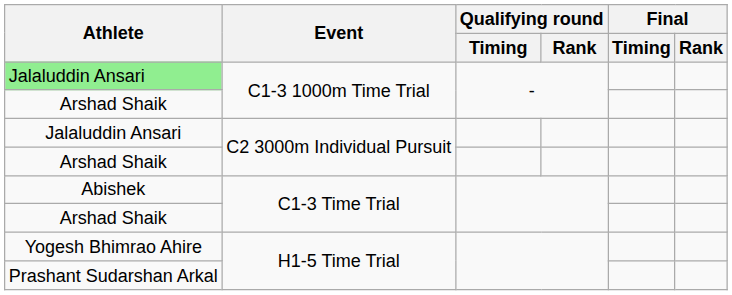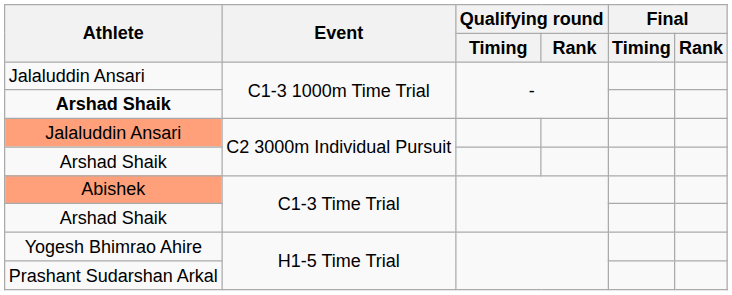 <table class="wikitable" style="text-align:center; font-size:90%">
 <tr>
 <th rowspan="2">Athlete</th>
 <th rowspan="2">Event</th>
 <th colspan="2">Qualifying round</th>
 <th colspan="2">Final</th>
 </tr>
 <tr>
 <th>Timing</th>
 <th>Rank</th>
 <th>Timing</th>
 <th>Rank</th>
 </tr>
 <tr>
-<td align="left" style="background: lightgreen;">Jalaluddin Ansari</td>
+<td align="left">Jalaluddin Ansari</td>
 <td rowspan="2">C1-3 1000m Time Trial</td>
 <td colspan="2" rowspan="2">-</td>
 <td></td>
 <td></td>
 </tr>
 <tr>
-<td>Arshad Shaik</td>
+<td><strong>Arshad Shaik</strong></td>
 <td></td>
 <td></td>
 </tr>
 <tr>
-<td>Jalaluddin Ansari</td>
+<td style="background: lightsalmon;">Jalaluddin Ansari</td>
 <td rowspan="2">C2 3000m Individual Pursuit</td>
 <td></td>
 <td></td>
 <td></td>
 <td></td>
 </tr>
 <tr>
 <td>Arshad Shaik</td>
 <td></td>
 <td></td>
 <td></td>
 <td></td>
 </tr>
 <tr>
-<td>Abishek</td>
+<td style="background: lightsalmon;">Abishek</td>
 <td rowspan="2">C1-3 Time Trial</td>
 <td colspan="2" rowspan="2"></td>
 <td></td>
 <td></td>
 </tr>
 <tr>
 <td>Arshad Shaik</td>
 <td></td>
 <td></td>
 </tr>
 <tr>
 <td>Yogesh Bhimrao Ahire</td>
 <td rowspan="2">H1-5 Time Trial</td>
 <td colspan="2" rowspan="2"></td>
 <td></td>
 <td></td>
 </tr>
 <tr>
 <td>Prashant Sudarshan Arkal</td>
 <td></td>
 <td></td>
 </tr>
 </table>
